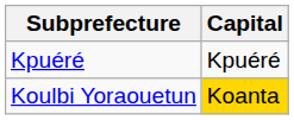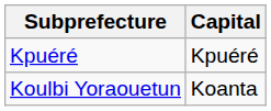 <table class="wikitable">
 <tr>
 <th>Subprefecture</th>
 <th>Capital</th>
 </tr>
 <tr>
 <td><a href='#'>Kpuéré</a></td>
 <td>Kpuéré</td>
 </tr>
 <tr>
 <td><a href='#'>Koulbi Yoraouetun</a></td>
-<td style="background: gold;">Koanta</td>
+<td>Koanta</td>
 </tr>
 </table>
